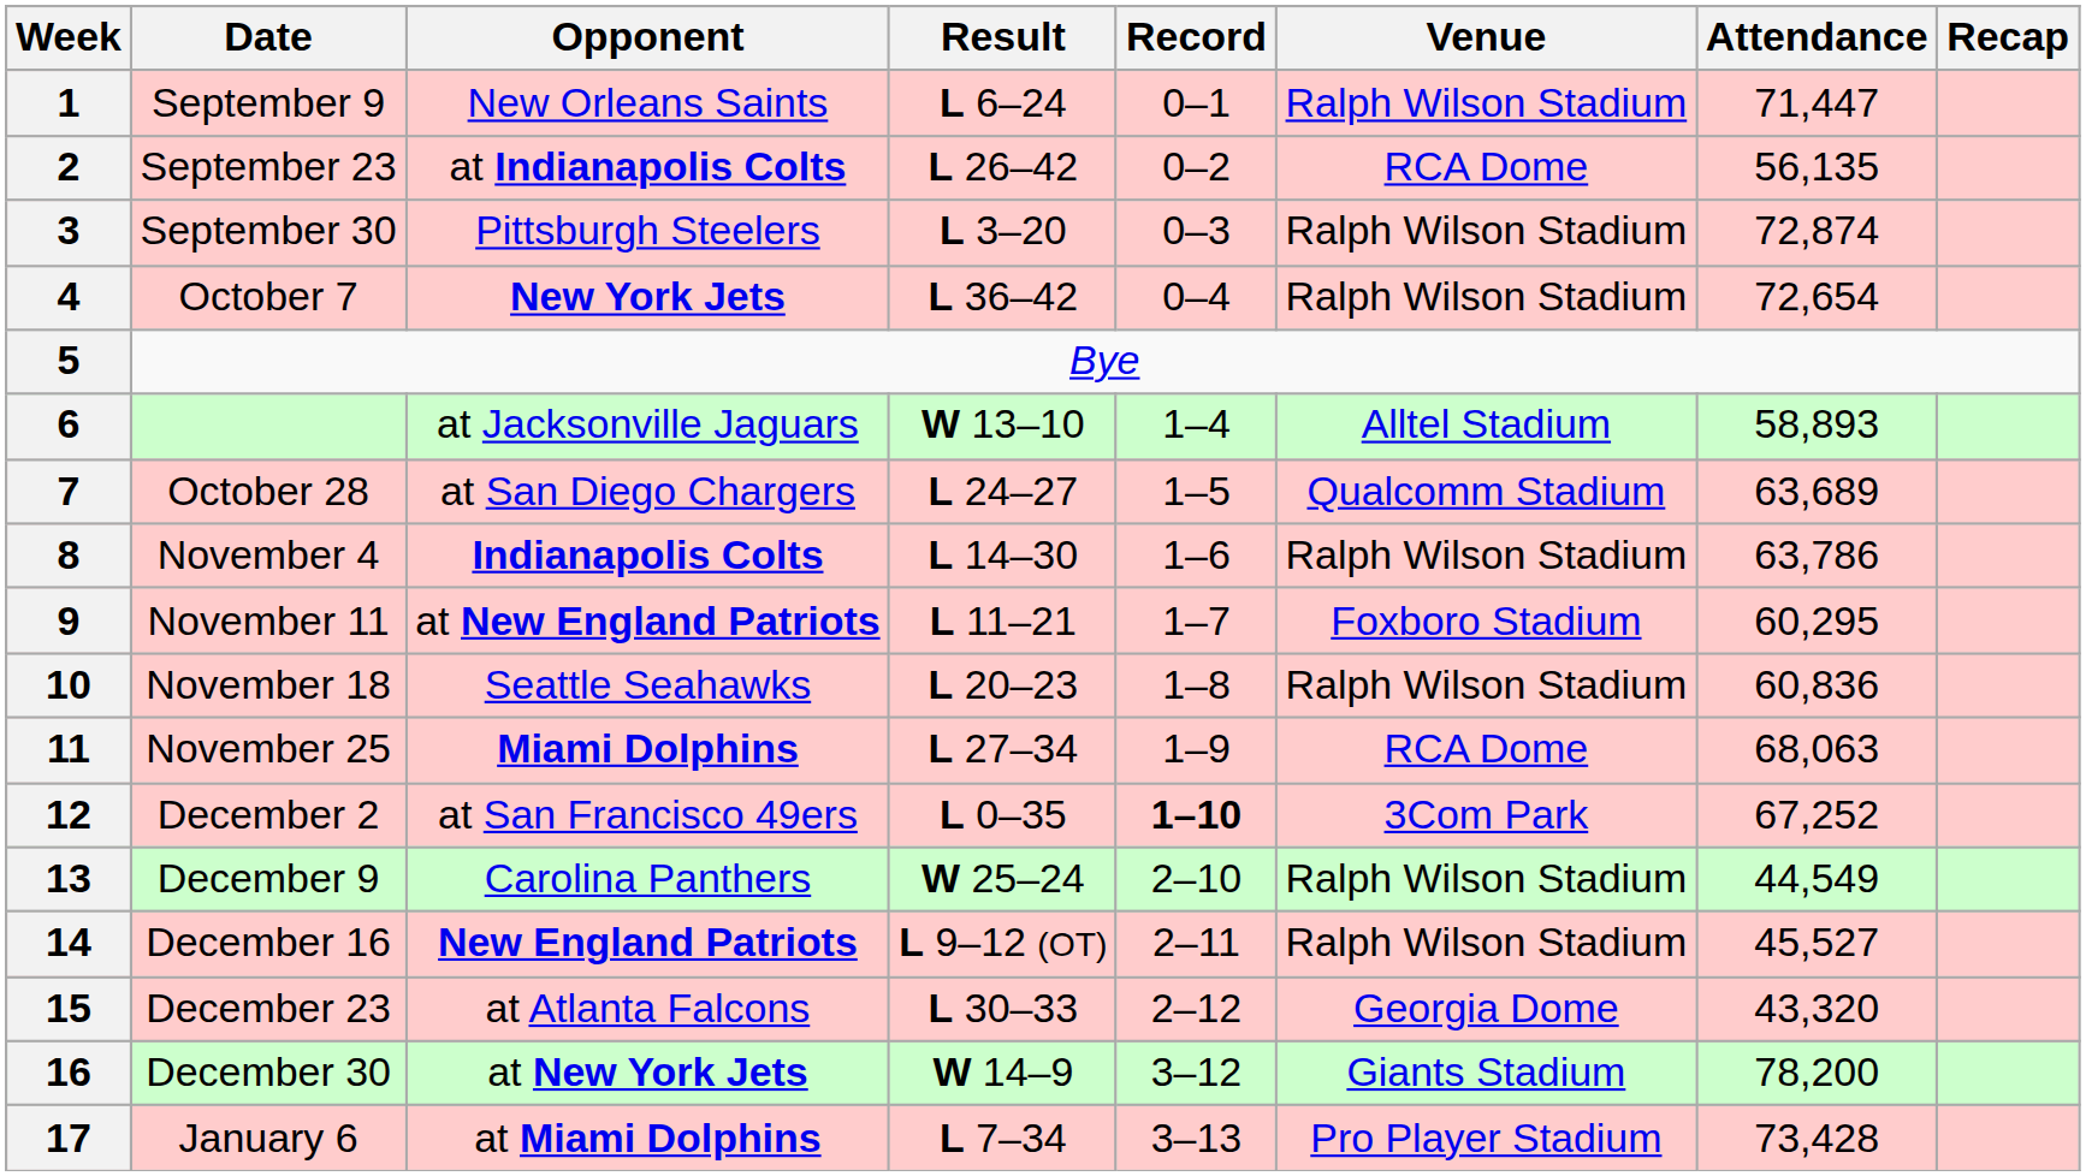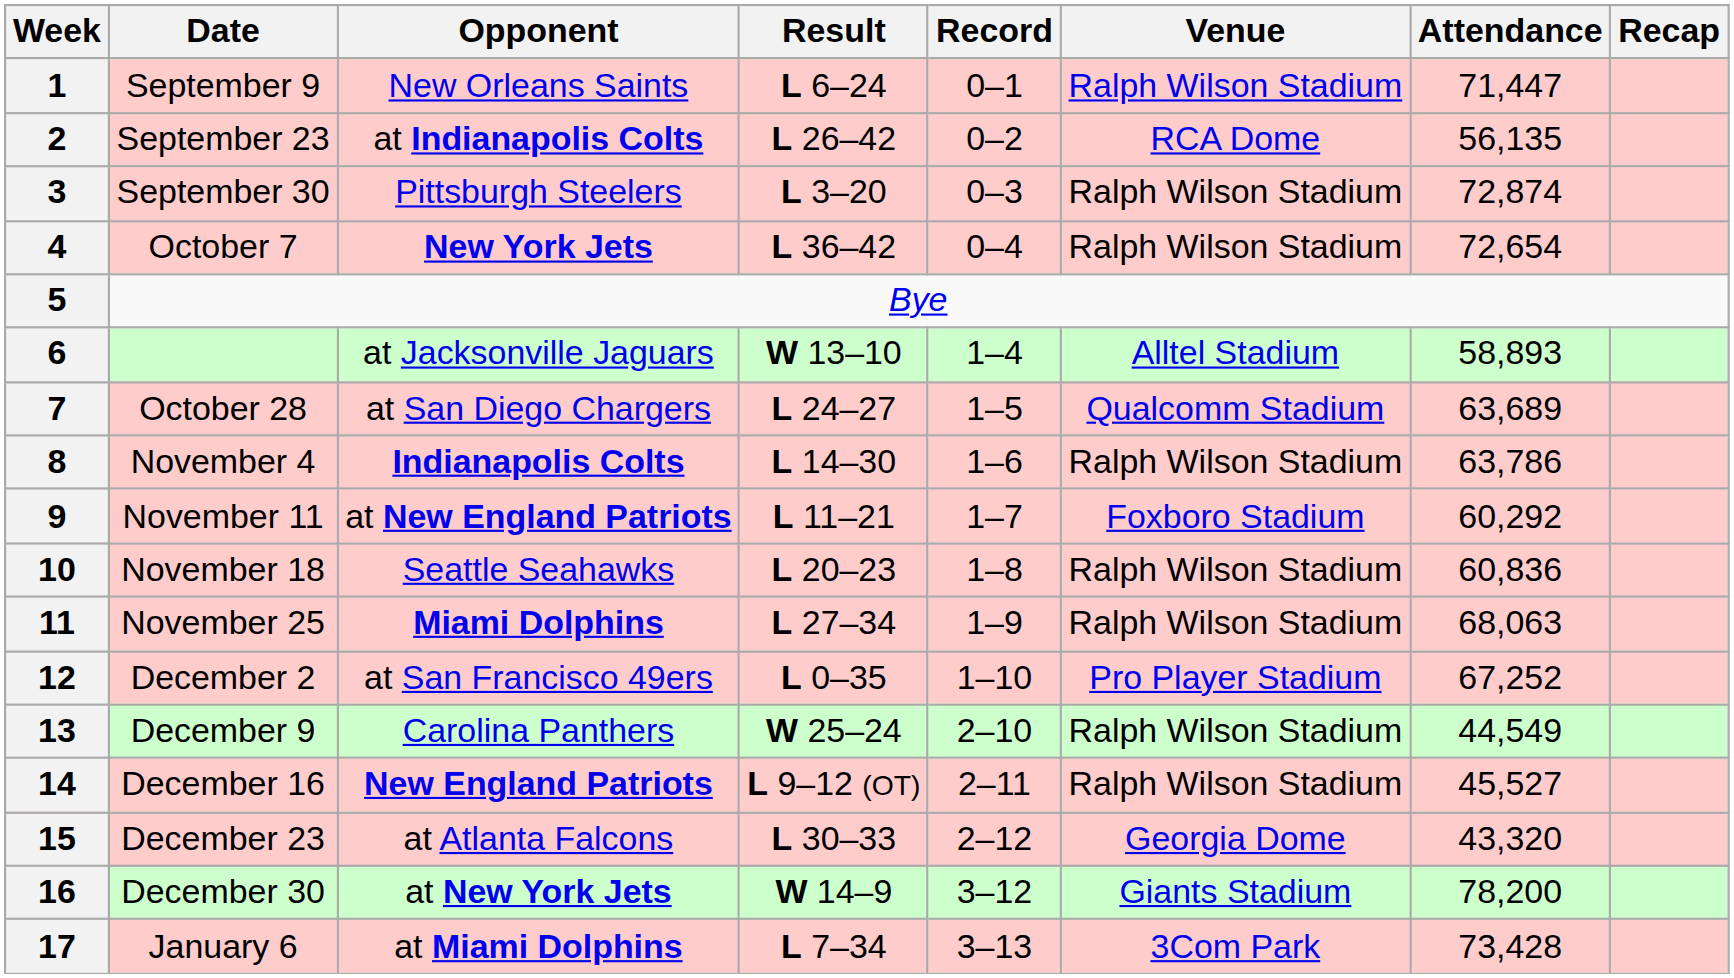 <table class="wikitable" style="text-align:center">
 <tr>
 <th>Week</th>
 <th>Date</th>
 <th>Opponent</th>
 <th>Result</th>
 <th>Record</th>
 <th>Venue</th>
 <th>Attendance</th>
 <th>Recap</th>
 </tr>
 <tr style="background:#fcc">
 <th>1</th>
 <td>September 9</td>
 <td><a href='#'>New Orleans Saints</a></td>
 <td><strong>L</strong> 6–24</td>
 <td>0–1</td>
 <td><a href='#'>Ralph Wilson Stadium</a></td>
 <td>71,447</td>
 <td></td>
 </tr>
 <tr style="background:#fcc">
 <th>2</th>
 <td>September 23</td>
 <td>at <strong><a href='#'>Indianapolis Colts</a></strong></td>
 <td><strong>L</strong> 26–42</td>
 <td>0–2</td>
 <td><a href='#'>RCA Dome</a></td>
 <td>56,135</td>
 <td></td>
 </tr>
 <tr style="background:#fcc">
 <th>3</th>
 <td>September 30</td>
 <td><a href='#'>Pittsburgh Steelers</a></td>
 <td><strong>L</strong> 3–20</td>
 <td>0–3</td>
 <td>Ralph Wilson Stadium</td>
 <td>72,874</td>
 <td></td>
 </tr>
 <tr style="background:#fcc">
 <th>4</th>
 <td>October 7</td>
 <td><strong><a href='#'>New York Jets</a></strong></td>
 <td><strong>L</strong> 36–42</td>
 <td>0–4</td>
 <td>Ralph Wilson Stadium</td>
 <td>72,654</td>
 <td></td>
 </tr>
 <tr>
 <th>5</th>
 <td colspan="7"><em><a href='#'>Bye</a></em></td>
 </tr>
 <tr style="background:#cfc">
 <th>6</th>
 <td></td>
 <td>at <a href='#'>Jacksonville Jaguars</a></td>
 <td><strong>W</strong> 13–10</td>
 <td>1–4</td>
 <td><a href='#'>Alltel Stadium</a></td>
 <td>58,893</td>
 <td></td>
 </tr>
 <tr style="background:#fcc">
 <th>7</th>
 <td>October 28</td>
 <td>at <a href='#'>San Diego Chargers</a></td>
 <td><strong>L</strong> 24–27</td>
 <td>1–5</td>
 <td><a href='#'>Qualcomm Stadium</a></td>
 <td>63,689</td>
 <td></td>
 </tr>
 <tr style="background:#fcc">
 <th>8</th>
 <td>November 4</td>
 <td><strong><a href='#'>Indianapolis Colts</a></strong></td>
 <td><strong>L</strong> 14–30</td>
 <td>1–6</td>
 <td>Ralph Wilson Stadium</td>
 <td>63,786</td>
 <td></td>
 </tr>
 <tr style="background:#fcc">
 <th>9</th>
 <td>November 11</td>
 <td>at <strong><a href='#'>New England Patriots</a></strong></td>
 <td><strong>L</strong> 11–21</td>
 <td>1–7</td>
 <td><a href='#'>Foxboro Stadium</a></td>
-<td>60,295</td>
+<td>60,292</td>
 <td></td>
 </tr>
 <tr style="background:#fcc">
 <th>10</th>
 <td>November 18</td>
 <td><a href='#'>Seattle Seahawks</a></td>
 <td><strong>L</strong> 20–23</td>
 <td>1–8</td>
 <td>Ralph Wilson Stadium</td>
 <td>60,836</td>
 <td></td>
 </tr>
 <tr style="background:#fcc">
 <th>11</th>
 <td>November 25</td>
 <td><strong><a href='#'>Miami Dolphins</a></strong></td>
 <td><strong>L</strong> 27–34</td>
 <td>1–9</td>
-<td><a href='#'>RCA Dome</a></td>
+<td>Ralph Wilson Stadium</td>
 <td>68,063</td>
 <td></td>
 </tr>
 <tr style="background:#fcc">
 <th>12</th>
 <td>December 2</td>
 <td>at <a href='#'>San Francisco 49ers</a></td>
 <td><strong>L</strong> 0–35</td>
-<td><strong>1–10</strong></td>
-<td><a href='#'>3Com Park</a></td>
+<td>1–10</td>
+<td><a href='#'>Pro Player Stadium</a></td>
 <td>67,252</td>
 <td></td>
 </tr>
 <tr style="background:#cfc">
 <th>13</th>
 <td>December 9</td>
 <td><a href='#'>Carolina Panthers</a></td>
 <td><strong>W</strong> 25–24</td>
 <td>2–10</td>
 <td>Ralph Wilson Stadium</td>
 <td>44,549</td>
 <td></td>
 </tr>
 <tr style="background:#fcc">
 <th>14</th>
 <td>December 16</td>
 <td><strong><a href='#'>New England Patriots</a></strong></td>
 <td><strong>L</strong> 9–12 <small>(OT)</small></td>
 <td>2–11</td>
 <td>Ralph Wilson Stadium</td>
 <td>45,527</td>
 <td></td>
 </tr>
 <tr style="background:#fcc">
 <th>15</th>
 <td>December 23</td>
 <td>at <a href='#'>Atlanta Falcons</a></td>
 <td><strong>L</strong> 30–33</td>
 <td>2–12</td>
 <td><a href='#'>Georgia Dome</a></td>
 <td>43,320</td>
 <td></td>
 </tr>
 <tr style="background:#cfc">
 <th>16</th>
 <td>December 30</td>
 <td>at <strong><a href='#'>New York Jets</a></strong></td>
 <td><strong>W</strong> 14–9</td>
 <td>3–12</td>
 <td><a href='#'>Giants Stadium</a></td>
 <td>78,200</td>
 <td></td>
 </tr>
 <tr style="background:#fcc">
 <th>17</th>
 <td>January 6</td>
 <td>at <strong><a href='#'>Miami Dolphins</a></strong></td>
 <td><strong>L</strong> 7–34</td>
 <td>3–13</td>
-<td><a href='#'>Pro Player Stadium</a></td>
+<td><a href='#'>3Com Park</a></td>
 <td>73,428</td>
 <td></td>
 </tr>
 </table>
